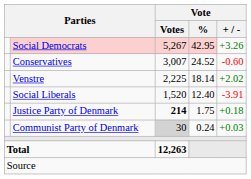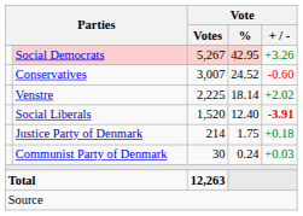 <table class="wikitable" style="text-align:right;">
 <tr>
 <th style="text-align:centre;" rowspan="2" colspan="2" width="225">Parties</th>
 <th colspan="3">Vote</th>
 </tr>
 <tr>
 <th width="15">Votes</th>
 <th width="15">%</th>
 <th width="15">+ / -</th>
 </tr>
 <tr>
 <td width="2" style="color:inherit;background:"></td>
 <td bgcolor=#fbd0ce  align="left"><a href='#'>Social Democrats</a></td>
 <td bgcolor=#fbd0ce>5,267</td>
 <td bgcolor=#fbd0ce>42.95</td>
 <td style=color:green;>+3.26</td>
 </tr>
 <tr>
 <td width="2" style="color:inherit;background:"></td>
 <td align="left"><a href='#'>Conservatives</a></td>
 <td>3,007</td>
 <td>24.52</td>
 <td style=color:red;>-0.60</td>
 </tr>
 <tr>
 <td width="2" style="color:inherit;background:"></td>
 <td align="left"><a href='#'>Venstre</a></td>
 <td>2,225</td>
 <td>18.14</td>
 <td style=color:green;>+2.02</td>
 </tr>
 <tr>
 <td width="2" style="color:inherit;background:"></td>
 <td align="left"><a href='#'>Social Liberals</a></td>
 <td>1,520</td>
 <td>12.40</td>
-<td style=color:red;>-3.91</td>
+<td style=color:red;><strong>-3.91</strong></td>
 </tr>
 <tr>
 <td width="2" style="color:inherit;background:"></td>
 <td align="left"><a href='#'>Justice Party of Denmark</a></td>
-<td><strong>214</strong></td>
+<td>214</td>
 <td>1.75</td>
 <td style=color:green;>+0.18</td>
 </tr>
 <tr>
 <td width="2" style="color:inherit;background:"></td>
 <td align="left"><a href='#'>Communist Party of Denmark</a></td>
-<td style="background: lightgrey;">30</td>
+<td>30</td>
 <td>0.24</td>
 <td style=color:green;>+0.03</td>
 </tr>
 <tr>
 <td colspan="7" bgcolor="#E9E9E9"></td>
 </tr>
 <tr>
 <td align="left" colspan="2"><strong>Total</strong></td>
 <td><strong>12,263</strong></td>
 <td bgcolor="#E9E9E9" colspan="2"></td>
 </tr>
 <tr>
 <td align="left" colspan="6">Source</td>
 </tr>
 </table>
